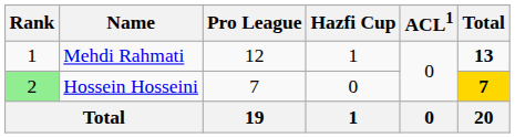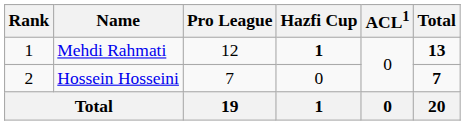 <table class="wikitable" style="text-align: center;">
 <tr>
 <th>Rank</th>
 <th>Name</th>
 <th>Pro League</th>
 <th>Hazfi Cup</th>
 <th>ACL<sup>1</sup></th>
 <th>Total</th>
 </tr>
 <tr>
 <td>1</td>
 <td align=left> <a href='#'>Mehdi Rahmati</a></td>
 <td>12</td>
-<td>1</td>
+<td><strong>1</strong></td>
 <td rowspan=2>0</td>
 <td><strong>13</strong></td>
 </tr>
 <tr>
-<td style="background: lightgreen;">2</td>
+<td>2</td>
 <td align=left> <a href='#'>Hossein Hosseini</a></td>
 <td>7</td>
 <td>0</td>
-<td style="background: gold;"><strong>7</strong></td>
+<td><strong>7</strong></td>
 </tr>
 <tr>
 <th colspan=2>Total</th>
 <th>19</th>
 <th>1</th>
 <th>0</th>
 <th>20</th>
 </tr>
 </table>
